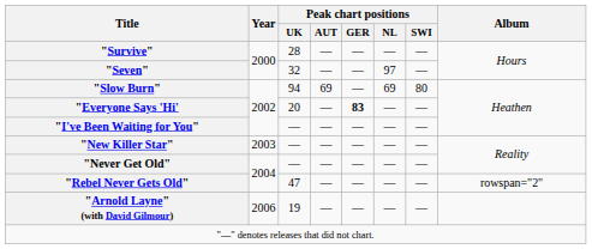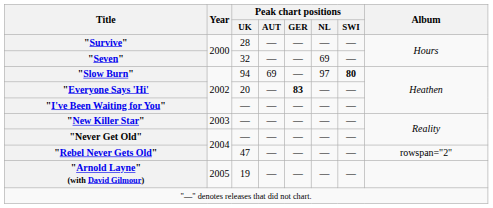 <table class="wikitable plainrowheaders" style="text-align:center;">
 <tr>
 <th rowspan="2" scope="col" style="width:20em;">Title</th>
 <th scope="col" rowspan="2" style="width:1em;">Year</th>
 <th scope="col" colspan="5">Peak chart positions</th>
 <th scope="col" rowspan="2" style="width:12em;">Album</th>
 </tr>
 <tr>
 <th scope="col" style="width:2.5em; font-size:90%;">UK<br></th>
 <th scope="col" style="width:2.5em; font-size:90%;">AUT<br></th>
 <th scope="col" style="width:2.5em; font-size:90%;">GER<br></th>
 <th scope="col" style="width:2.5em; font-size:90%;">NL<br></th>
 <th scope="col" style="width:2.5em; font-size:90%;">SWI<br></th>
 </tr>
 <tr>
 <th scope="row">"<a href='#'>Survive</a>"</th>
 <td rowspan="2">2000</td>
 <td>28</td>
 <td>—</td>
 <td>—</td>
 <td>—</td>
 <td>—</td>
 <td rowspan="2"><em>Hours</em></td>
 </tr>
 <tr>
 <th scope="row">"<a href='#'>Seven</a>"</th>
 <td>32</td>
 <td>—</td>
 <td>—</td>
-<td>97</td>
+<td>69</td>
 <td>—</td>
 </tr>
 <tr>
 <th scope="row">"<a href='#'>Slow Burn</a>"</th>
 <td rowspan="3">2002</td>
 <td>94</td>
 <td>69</td>
 <td>—</td>
-<td>69</td>
-<td>80</td>
+<td>97</td>
+<td><strong>80</strong></td>
 <td rowspan="3"><em>Heathen</em></td>
 </tr>
 <tr>
 <th scope="row">"<a href='#'>Everyone Says 'Hi'</a></th>
 <td>20</td>
 <td>—</td>
 <td><strong>83</strong></td>
 <td>—</td>
 <td>—</td>
 </tr>
 <tr>
 <th scope="row">"<a href='#'>I've Been Waiting for You</a>"</th>
 <td>—</td>
 <td>—</td>
 <td>—</td>
 <td>—</td>
 <td>—</td>
 </tr>
 <tr>
 <th scope="row">"<a href='#'>New Killer Star</a>"</th>
 <td>2003</td>
 <td>—</td>
 <td>—</td>
 <td>—</td>
 <td>—</td>
 <td>—</td>
 <td rowspan="2"><em>Reality</em></td>
 </tr>
 <tr>
 <th scope="row">"Never Get Old"</th>
 <td rowspan="2">2004</td>
 <td>—</td>
 <td>—</td>
 <td>—</td>
 <td>—</td>
 <td>—</td>
 </tr>
 <tr>
 <th scope="row">"<a href='#'>Rebel Never Gets Old</a>"</th>
 <td>47</td>
 <td>—</td>
 <td>—</td>
 <td>—</td>
 <td>—</td>
 <td>rowspan="2" </td>
 </tr>
 <tr>
 <th scope="row">"<a href='#'>Arnold Layne</a>"<br><small>(with <a href='#'>David Gilmour</a>)</small></th>
-<td>2006</td>
+<td>2005</td>
 <td>19</td>
 <td>—</td>
 <td>—</td>
 <td>—</td>
 <td>—</td>
 </tr>
 <tr>
 <td colspan="11"><small>"—" denotes releases that did not chart.</small></td>
 </tr>
 </table>
